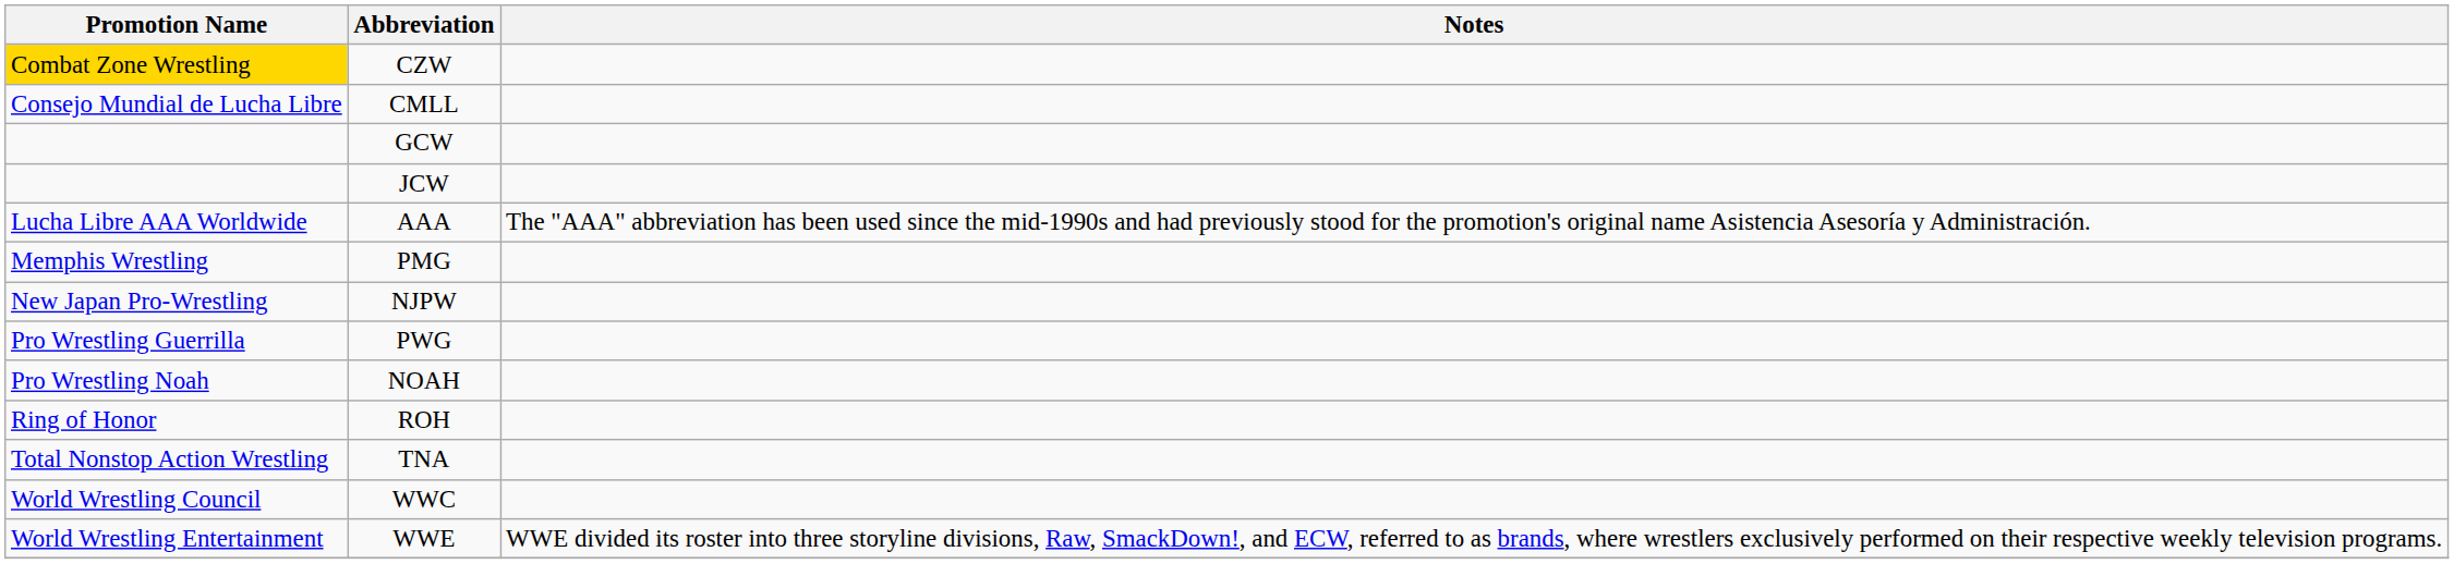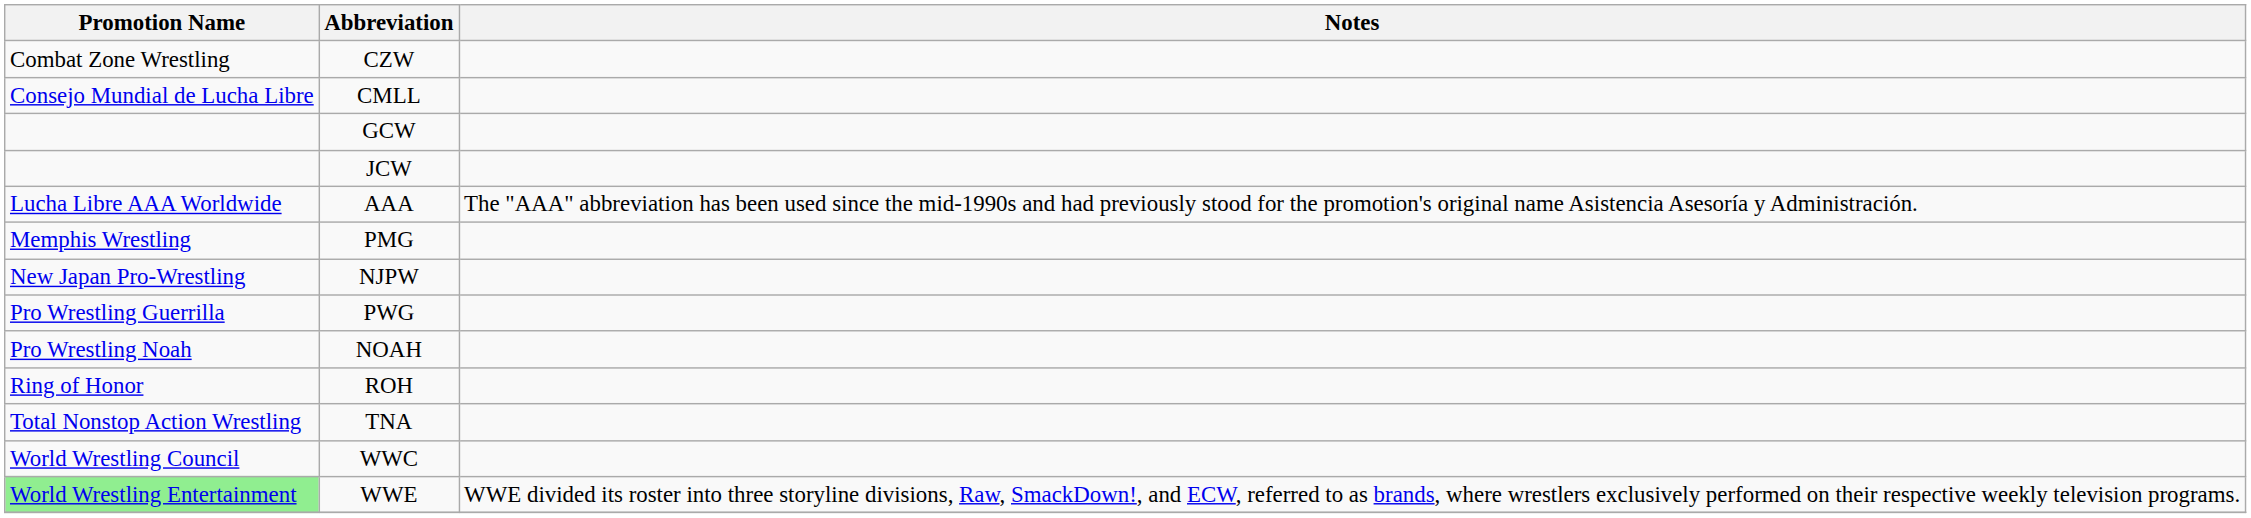 <table class="wikitable">
 <tr>
 <th>Promotion Name</th>
 <th>Abbreviation</th>
 <th>Notes</th>
 </tr>
 <tr>
-<td style="background: gold;">Combat Zone Wrestling</td>
+<td>Combat Zone Wrestling</td>
 <td align=center>CZW</td>
 <td></td>
 </tr>
 <tr>
 <td><a href='#'>Consejo Mundial de Lucha Libre</a></td>
 <td align=center>CMLL</td>
 <td></td>
 </tr>
 <tr>
 <td></td>
 <td align=center>GCW</td>
 <td></td>
 </tr>
 <tr>
 <td></td>
 <td align=center>JCW</td>
 <td></td>
 </tr>
 <tr>
 <td><a href='#'>Lucha Libre AAA Worldwide</a></td>
 <td align=center>AAA</td>
 <td>The "AAA" abbreviation has been used since the mid-1990s and had previously stood for the promotion's original name Asistencia Asesoría y Administración.</td>
 </tr>
 <tr>
 <td><a href='#'>Memphis Wrestling</a></td>
 <td align=center>PMG</td>
 <td></td>
 </tr>
 <tr>
 <td><a href='#'>New Japan Pro-Wrestling</a></td>
 <td align=center>NJPW</td>
 <td></td>
 </tr>
 <tr>
 <td><a href='#'>Pro Wrestling Guerrilla</a></td>
 <td align=center>PWG</td>
 <td></td>
 </tr>
 <tr>
 <td><a href='#'>Pro Wrestling Noah</a></td>
 <td align=center>NOAH</td>
 <td></td>
 </tr>
 <tr>
 <td><a href='#'>Ring of Honor</a></td>
 <td align=center>ROH</td>
 <td></td>
 </tr>
 <tr>
 <td><a href='#'>Total Nonstop Action Wrestling</a></td>
 <td align=center>TNA</td>
 <td></td>
 </tr>
 <tr>
 <td><a href='#'>World Wrestling Council</a></td>
 <td align=center>WWC</td>
 <td></td>
 </tr>
 <tr>
-<td><a href='#'>World Wrestling Entertainment</a></td>
+<td style="background: lightgreen;"><a href='#'>World Wrestling Entertainment</a></td>
 <td align=center>WWE</td>
 <td>WWE divided its roster into three storyline divisions, <a href='#'>Raw</a>, <a href='#'>SmackDown!</a>, and <a href='#'>ECW</a>, referred to as <a href='#'>brands</a>, where wrestlers exclusively performed on their respective weekly television programs.</td>
 </tr>
 <tr>
 </tr>
 </table>
